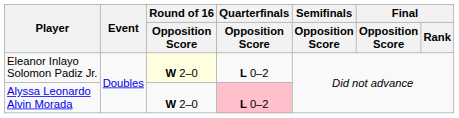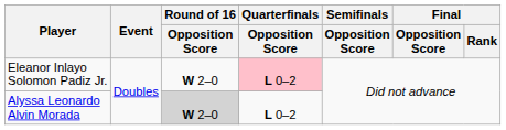 <table class="wikitable" style="font-size:90%">
 <tr>
 <th rowspan=2>Player</th>
 <th rowspan=2>Event</th>
 <th>Round of 16</th>
 <th>Quarterfinals</th>
 <th>Semifinals</th>
 <th colspan=2>Final</th>
 </tr>
 <tr style="font-size:95">
 <th>Opposition<br>Score</th>
 <th>Opposition<br>Score</th>
 <th>Opposition<br>Score</th>
 <th>Opposition<br>Score</th>
 <th>Rank</th>
 </tr>
 <tr align=center>
 <td align=left>Eleanor Inlayo<br>Solomon Padiz Jr.</td>
 <td align=left rowspan=2><a href='#'>Doubles</a></td>
-<td style="background: lightyellow;"><br><strong>W</strong> 2–0</td>
-<td><br><strong>L</strong> 0–2</td>
+<td><br><strong>W</strong> 2–0</td>
+<td style="background: pink;"><br><strong>L</strong> 0–2</td>
 <td colspan=3 rowspan=2><em>Did not advance</em></td>
 </tr>
 <tr align=center>
 <td align=left><a href='#'>Alyssa Leonardo</a><br><a href='#'>Alvin Morada</a></td>
-<td><br><strong>W</strong> 2–0</td>
-<td style="background: pink;"><br><strong>L</strong> 0–2</td>
+<td style="background: lightgrey;"><br><strong>W</strong> 2–0</td>
+<td><br><strong>L</strong> 0–2</td>
 </tr>
 </table>
